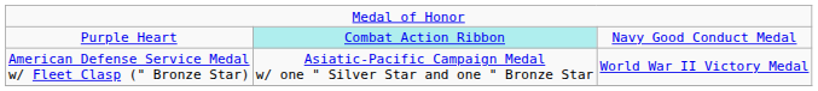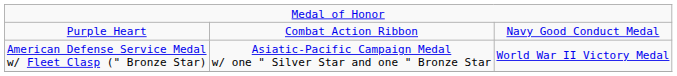 <table class="wikitable" style="margin:1em auto; text-align:center;">
 <tr>
 <td colspan="3"><a href='#'>Medal of Honor</a></td>
 </tr>
 <tr>
 <td><a href='#'>Purple Heart</a></td>
-<td style="background: paleturquoise;"><a href='#'>Combat Action Ribbon</a></td>
+<td><a href='#'>Combat Action Ribbon</a></td>
 <td><a href='#'>Navy Good Conduct Medal</a></td>
 </tr>
 <tr>
 <td><a href='#'>American Defense Service Medal</a><br>w/ <a href='#'>Fleet Clasp</a> (" Bronze Star)</td>
 <td><a href='#'>Asiatic-Pacific Campaign Medal</a><br>w/ one " Silver Star and one " Bronze Star</td>
 <td><a href='#'>World War II Victory Medal</a></td>
 </tr>
 <tr>
 </tr>
 </table>
